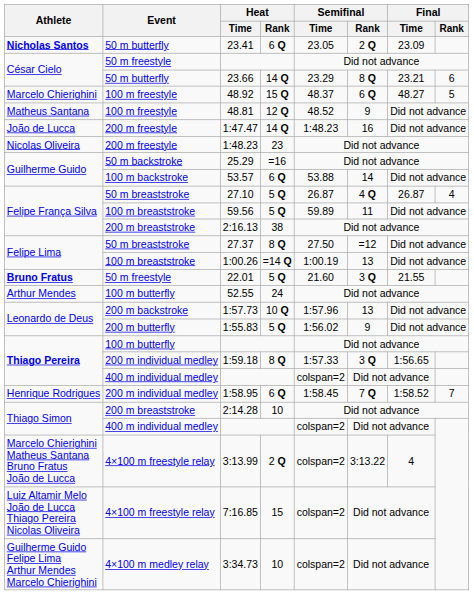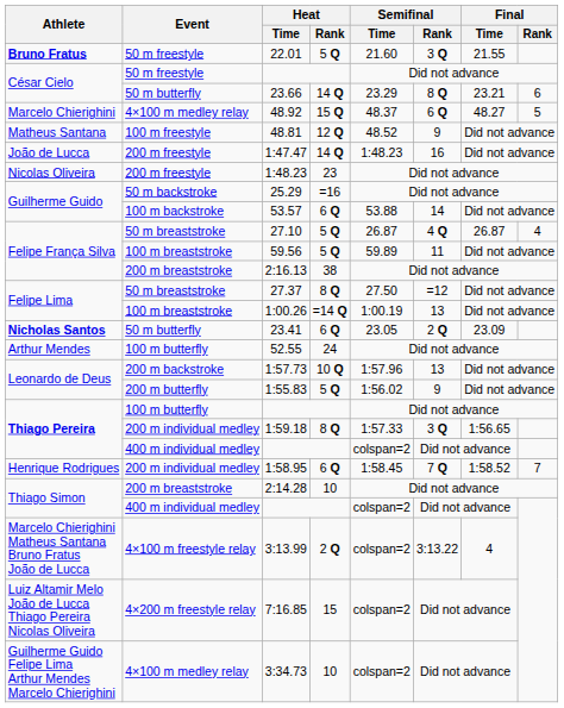 <table class=wikitable style="font-size:90%">
 <tr>
 <th rowspan="2">Athlete</th>
 <th rowspan="2">Event</th>
 <th colspan="2">Heat</th>
 <th colspan="2">Semifinal</th>
 <th colspan="2">Final</th>
 </tr>
 <tr style="font-size:95%">
 <th>Time</th>
 <th>Rank</th>
 <th>Time</th>
 <th>Rank</th>
 <th>Time</th>
 <th>Rank</th>
 </tr>
 <tr align=center>
-<td align=left><strong><a href='#'>Nicholas Santos</a></strong></td>
-<td align=left><a href='#'>50 m butterfly</a></td>
-<td>23.41</td>
-<td>6 <strong>Q</strong></td>
-<td>23.05</td>
-<td>2 <strong>Q</strong></td>
-<td>23.09</td>
+<td align=left><strong><a href='#'>Bruno Fratus</a></strong></td>
+<td align=left><a href='#'>50 m freestyle</a></td>
+<td>22.01</td>
+<td>5 <strong>Q</strong></td>
+<td>21.60</td>
+<td>3 <strong>Q</strong></td>
+<td>21.55</td>
 <td></td>
 </tr>
 <tr align=center>
 <td align=left rowspan=2><a href='#'>César Cielo</a></td>
 <td align=left><a href='#'>50 m freestyle</a></td>
 <td colspan=2></td>
 <td colspan=4>Did not advance</td>
 </tr>
 <tr align=center>
 <td align=left><a href='#'>50 m butterfly</a></td>
 <td>23.66</td>
 <td>14 <strong>Q</strong></td>
 <td>23.29</td>
 <td>8 <strong>Q</strong></td>
 <td>23.21</td>
 <td>6</td>
 </tr>
 <tr align=center>
 <td align=left><a href='#'>Marcelo Chierighini</a></td>
-<td align=left><a href='#'>100 m freestyle</a></td>
+<td align=left><a href='#'>4×100 m medley relay</a></td>
 <td>48.92</td>
 <td>15 <strong>Q</strong></td>
 <td>48.37</td>
 <td>6 <strong>Q</strong></td>
 <td>48.27</td>
 <td>5</td>
 </tr>
 <tr align=center>
 <td align=left><a href='#'>Matheus Santana</a></td>
 <td align=left><a href='#'>100 m freestyle</a></td>
 <td>48.81</td>
 <td>12 <strong>Q</strong></td>
 <td>48.52</td>
 <td>9</td>
 <td colspan=2>Did not advance</td>
 </tr>
 <tr align=center>
 <td align=left><a href='#'>João de Lucca</a></td>
 <td align=left><a href='#'>200 m freestyle</a></td>
 <td>1:47.47</td>
 <td>14 <strong>Q</strong></td>
 <td>1:48.23</td>
 <td>16</td>
 <td colspan=2>Did not advance</td>
 </tr>
 <tr align=center>
 <td align=left><a href='#'>Nicolas Oliveira</a></td>
 <td align=left><a href='#'>200 m freestyle</a></td>
 <td>1:48.23</td>
 <td>23</td>
 <td colspan=4>Did not advance</td>
 </tr>
 <tr align=center>
 <td align=left rowspan=2><a href='#'>Guilherme Guido</a></td>
 <td align=left><a href='#'>50 m backstroke</a></td>
 <td>25.29</td>
 <td>=16</td>
 <td colspan=4>Did not advance</td>
 </tr>
 <tr align=center>
 <td align=left><a href='#'>100 m backstroke</a></td>
 <td>53.57</td>
 <td>6 <strong>Q</strong></td>
 <td>53.88</td>
 <td>14</td>
 <td colspan=2>Did not advance</td>
 </tr>
 <tr align=center>
 <td align=left rowspan=3><a href='#'>Felipe França Silva</a></td>
 <td align=left><a href='#'>50 m breaststroke</a></td>
 <td>27.10</td>
 <td>5 <strong>Q</strong></td>
 <td>26.87</td>
 <td>4 <strong>Q</strong></td>
 <td>26.87</td>
 <td>4</td>
 </tr>
 <tr align=center>
 <td align=left><a href='#'>100 m breaststroke</a></td>
 <td>59.56</td>
 <td>5 <strong>Q</strong></td>
 <td>59.89</td>
 <td>11</td>
 <td colspan=2>Did not advance</td>
 </tr>
 <tr align=center>
 <td align=left><a href='#'>200 m breaststroke</a></td>
 <td>2:16.13</td>
 <td>38</td>
 <td colspan=4>Did not advance</td>
 </tr>
 <tr align=center>
 <td align=left rowspan=2><a href='#'>Felipe Lima</a></td>
 <td align=left><a href='#'>50 m breaststroke</a></td>
 <td>27.37</td>
 <td>8 <strong>Q</strong></td>
 <td>27.50</td>
 <td>=12</td>
 <td colspan=2>Did not advance</td>
 </tr>
 <tr align=center>
 <td align=left><a href='#'>100 m breaststroke</a></td>
 <td>1:00.26</td>
 <td>=14 <strong>Q</strong></td>
 <td>1:00.19</td>
 <td>13</td>
 <td colspan=2>Did not advance</td>
 </tr>
 <tr align=center>
-<td align=left><strong><a href='#'>Bruno Fratus</a></strong></td>
-<td align=left><a href='#'>50 m freestyle</a></td>
-<td>22.01</td>
-<td>5 <strong>Q</strong></td>
-<td>21.60</td>
-<td>3 <strong>Q</strong></td>
-<td>21.55</td>
+<td align=left><strong><a href='#'>Nicholas Santos</a></strong></td>
+<td align=left><a href='#'>50 m butterfly</a></td>
+<td>23.41</td>
+<td>6 <strong>Q</strong></td>
+<td>23.05</td>
+<td>2 <strong>Q</strong></td>
+<td>23.09</td>
 <td></td>
 </tr>
 <tr align=center>
 <td align=left><a href='#'>Arthur Mendes</a></td>
 <td align=left><a href='#'>100 m butterfly</a></td>
 <td>52.55</td>
 <td>24</td>
 <td colspan=4>Did not advance</td>
 </tr>
 <tr align=center>
 <td align=left rowspan=2><a href='#'>Leonardo de Deus</a></td>
 <td align=left><a href='#'>200 m backstroke</a></td>
 <td>1:57.73</td>
 <td>10 <strong>Q</strong></td>
 <td>1:57.96</td>
 <td>13</td>
 <td colspan=2>Did not advance</td>
 </tr>
 <tr align=center>
 <td align=left><a href='#'>200 m butterfly</a></td>
 <td>1:55.83</td>
 <td>5 <strong>Q</strong></td>
 <td>1:56.02</td>
 <td>9</td>
 <td colspan=2>Did not advance</td>
 </tr>
 <tr align=center>
 <td align=left rowspan=3><strong><a href='#'>Thiago Pereira</a></strong></td>
 <td align=left><a href='#'>100 m butterfly</a></td>
 <td colspan=2></td>
 <td colspan=4>Did not advance</td>
 </tr>
 <tr align=center>
 <td align=left><a href='#'>200 m individual medley</a></td>
 <td>1:59.18</td>
 <td>8 <strong>Q</strong></td>
 <td>1:57.33</td>
 <td>3 <strong>Q</strong></td>
 <td>1:56.65</td>
 <td></td>
 </tr>
 <tr align=center>
 <td align=left><a href='#'>400 m individual medley</a></td>
 <td colspan=2></td>
 <td>colspan=2 </td>
 <td colspan=2>Did not advance</td>
 </tr>
 <tr align=center>
 <td align=left><a href='#'>Henrique Rodrigues</a></td>
 <td align=left><a href='#'>200 m individual medley</a></td>
 <td>1:58.95</td>
 <td>6 <strong>Q</strong></td>
 <td>1:58.45</td>
 <td>7 <strong>Q</strong></td>
 <td>1:58.52</td>
 <td>7</td>
 </tr>
 <tr align=center>
 <td align=left rowspan=2><a href='#'>Thiago Simon</a></td>
 <td align=left><a href='#'>200 m breaststroke</a></td>
 <td>2:14.28</td>
 <td>10</td>
 <td colspan=4>Did not advance</td>
 </tr>
 <tr align=center>
 <td align=left><a href='#'>400 m individual medley</a></td>
 <td colspan=2></td>
 <td>colspan=2 </td>
 <td colspan=2>Did not advance</td>
 </tr>
 <tr align=center>
 <td align=left><a href='#'>Marcelo Chierighini</a><br><a href='#'>Matheus Santana</a><br><a href='#'>Bruno Fratus</a><br><a href='#'>João de Lucca</a></td>
 <td align=left><a href='#'>4×100 m freestyle relay</a></td>
 <td>3:13.99</td>
 <td>2 <strong>Q</strong></td>
 <td>colspan=2 </td>
 <td>3:13.22</td>
 <td>4</td>
 </tr>
 <tr align=center>
 <td align=left><a href='#'>Luiz Altamir Melo</a><br><a href='#'>João de Lucca</a><br><a href='#'>Thiago Pereira</a><br><a href='#'>Nicolas Oliveira</a></td>
-<td align=left><a href='#'>4×100 m freestyle relay</a></td>
+<td align=left><a href='#'>4×200 m freestyle relay</a></td>
 <td>7:16.85</td>
 <td>15</td>
 <td>colspan=2 </td>
 <td colspan=2>Did not advance</td>
 </tr>
 <tr align=center>
 <td align=left><a href='#'>Guilherme Guido</a><br><a href='#'>Felipe Lima</a><br><a href='#'>Arthur Mendes</a><br><a href='#'>Marcelo Chierighini</a></td>
 <td align=left><a href='#'>4×100 m medley relay</a></td>
 <td>3:34.73</td>
 <td>10</td>
 <td>colspan=2 </td>
 <td colspan=2>Did not advance</td>
 </tr>
 </table>
